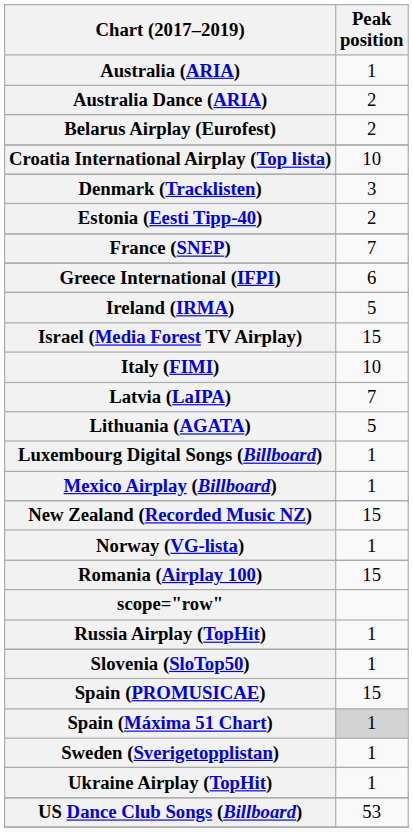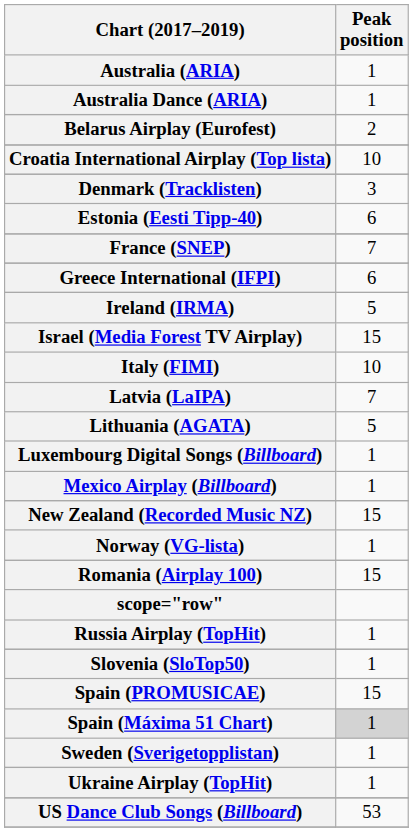 <table class="wikitable sortable plainrowheaders" style="text-align:center">
 <tr>
 <th scope="col">Chart (2017–2019)</th>
 <th scope="col">Peak<br> position</th>
 </tr>
 <tr>
 <th scope="row">Australia (<a href='#'>ARIA</a>)</th>
 <td>1</td>
 </tr>
 <tr>
 <th scope="row">Australia Dance (<a href='#'>ARIA</a>)</th>
-<td>2</td>
+<td>1</td>
 </tr>
 <tr>
 </tr>
 <tr>
 <th scope="row">Belarus Airplay (Eurofest)</th>
 <td>2</td>
 </tr>
 <tr>
 </tr>
 <tr>
 </tr>
 <tr>
 </tr>
 <tr>
 </tr>
 <tr>
 <th scope="row">Croatia International Airplay (<a href='#'>Top lista</a>)</th>
 <td>10</td>
 </tr>
 <tr>
 </tr>
 <tr>
 </tr>
 <tr>
 <th scope="row">Denmark (<a href='#'>Tracklisten</a>)</th>
 <td>3</td>
 </tr>
 <tr>
 <th scope="row">Estonia (<a href='#'>Eesti Tipp-40</a>)</th>
-<td>2</td>
+<td>6</td>
 </tr>
 <tr>
 </tr>
 <tr>
 <th scope="row">France (<a href='#'>SNEP</a>)</th>
 <td>7</td>
 </tr>
 <tr>
 </tr>
 <tr>
 <th scope="row">Greece International (<a href='#'>IFPI</a>)</th>
 <td>6</td>
 </tr>
 <tr>
 </tr>
 <tr>
 </tr>
 <tr>
 </tr>
 <tr>
 </tr>
 <tr>
 <th scope="row">Ireland (<a href='#'>IRMA</a>)</th>
 <td>5</td>
 </tr>
 <tr>
 <th scope="row">Israel (<a href='#'>Media Forest</a> TV Airplay)</th>
 <td>15</td>
 </tr>
 <tr>
 <th scope="row">Italy (<a href='#'>FIMI</a>)</th>
 <td>10</td>
 </tr>
 <tr>
 <th scope="row">Latvia (<a href='#'>LaIPA</a>)</th>
 <td>7</td>
 </tr>
 <tr>
 <th scope="row">Lithuania (<a href='#'>AGATA</a>)</th>
 <td>5</td>
 </tr>
 <tr>
 <th scope="row">Luxembourg Digital Songs (<em><a href='#'>Billboard</a></em>)</th>
 <td>1</td>
 </tr>
 <tr>
 <th scope="row"><a href='#'>Mexico Airplay</a> (<em><a href='#'>Billboard</a></em>)</th>
 <td>1</td>
 </tr>
 <tr>
 </tr>
 <tr>
 </tr>
 <tr>
 <th scope="row">New Zealand (<a href='#'>Recorded Music NZ</a>)</th>
 <td>15</td>
 </tr>
 <tr>
 <th scope="row">Norway (<a href='#'>VG-lista</a>)</th>
 <td>1</td>
 </tr>
 <tr>
 </tr>
 <tr>
 </tr>
 <tr>
 </tr>
 <tr>
 <th scope="row">Romania (<a href='#'>Airplay 100</a>)</th>
 <td>15</td>
 </tr>
 <tr>
 <th>scope="row"</th>
 </tr>
 <tr>
 <th scope="row">Russia Airplay (<a href='#'>TopHit</a>)</th>
 <td>1</td>
 </tr>
 <tr>
 </tr>
 <tr>
 </tr>
 <tr>
 </tr>
 <tr>
 <th scope="row">Slovenia (<a href='#'>SloTop50</a>)</th>
 <td>1</td>
 </tr>
 <tr>
 <th scope="row">Spain (<a href='#'>PROMUSICAE</a>)</th>
 <td>15</td>
 </tr>
 <tr>
 <th scope="row">Spain (<a href='#'>Máxima 51 Chart</a>)</th>
 <td style="background: lightgrey;">1</td>
 </tr>
 <tr>
 <th scope="row">Sweden (<a href='#'>Sverigetopplistan</a>)</th>
 <td>1</td>
 </tr>
 <tr>
 </tr>
 <tr>
 <th scope="row">Ukraine Airplay (<a href='#'>TopHit</a>)</th>
 <td>1</td>
 </tr>
 <tr>
 </tr>
 <tr>
 </tr>
 <tr>
 <th scope="row">US <a href='#'>Dance Club Songs</a> (<em><a href='#'>Billboard</a></em>)</th>
 <td>53</td>
 </tr>
 <tr>
 </tr>
 <tr>
 </tr>
 </table>
